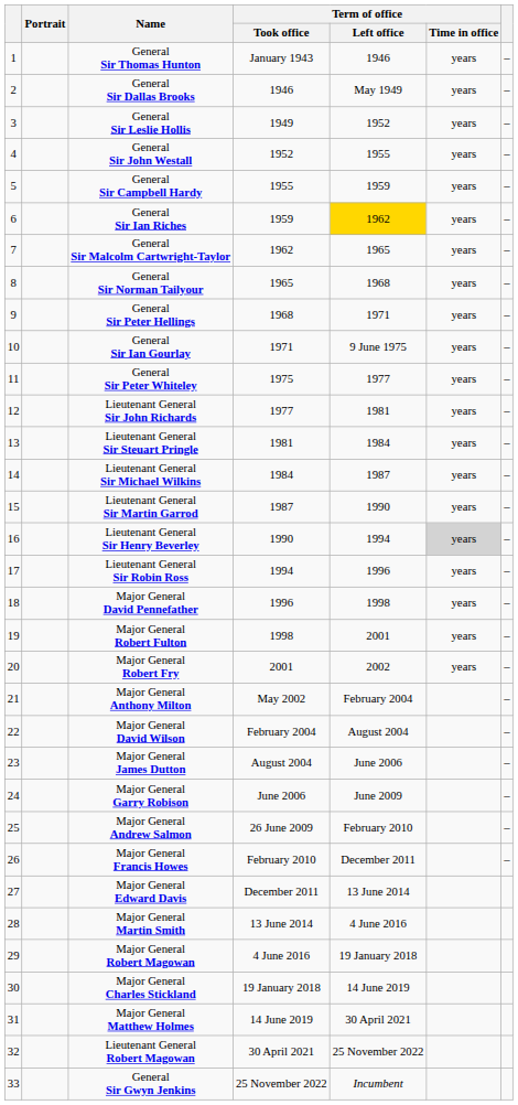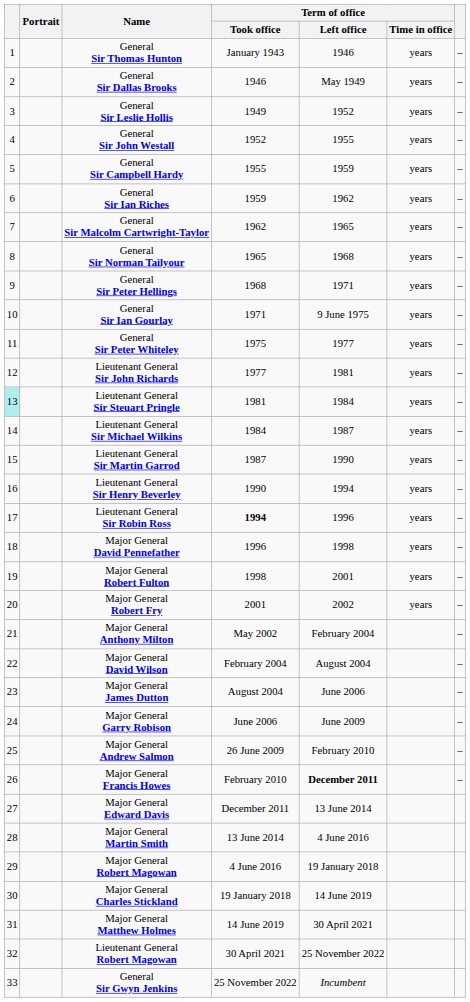 <table class="wikitable" style="text-align:center">
 <tr>
 <th rowspan=2></th>
 <th rowspan=2>Portrait</th>
 <th rowspan=2>Name<br></th>
 <th colspan=3>Term of office</th>
 <th rowspan=2></th>
 </tr>
 <tr>
 <th>Took office</th>
 <th>Left office</th>
 <th>Time in office</th>
 </tr>
 <tr>
 <td>1</td>
 <td></td>
 <td>General<br><strong><a href='#'>Sir Thomas Hunton</a></strong><br></td>
 <td>January 1943</td>
 <td>1946</td>
 <td> years</td>
 <td>–</td>
 </tr>
 <tr>
 <td>2</td>
 <td></td>
 <td>General<br><strong><a href='#'>Sir Dallas Brooks</a></strong><br></td>
 <td>1946</td>
 <td>May 1949</td>
 <td> years</td>
 <td>–</td>
 </tr>
 <tr>
 <td>3</td>
 <td></td>
 <td>General<br><strong><a href='#'>Sir Leslie Hollis</a></strong><br></td>
 <td>1949</td>
 <td>1952</td>
 <td> years</td>
 <td>–</td>
 </tr>
 <tr>
 <td>4</td>
 <td></td>
 <td>General<br><strong><a href='#'>Sir John Westall</a></strong><br></td>
 <td>1952</td>
 <td>1955</td>
 <td> years</td>
 <td>–</td>
 </tr>
 <tr>
 <td>5</td>
 <td></td>
 <td>General<br><strong><a href='#'>Sir Campbell Hardy</a></strong><br></td>
 <td>1955</td>
 <td>1959</td>
 <td> years</td>
 <td>–</td>
 </tr>
 <tr>
 <td>6</td>
 <td></td>
 <td>General<br><strong><a href='#'>Sir Ian Riches</a></strong><br></td>
 <td>1959</td>
-<td style="background: gold;">1962</td>
+<td>1962</td>
 <td> years</td>
 <td>–</td>
 </tr>
 <tr>
 <td>7</td>
 <td></td>
 <td>General<br><strong><a href='#'>Sir Malcolm Cartwright-Taylor</a></strong><br></td>
 <td>1962</td>
 <td>1965</td>
 <td> years</td>
 <td>–</td>
 </tr>
 <tr>
 <td>8</td>
 <td></td>
 <td>General<br><strong><a href='#'>Sir Norman Tailyour</a></strong><br></td>
 <td>1965</td>
 <td>1968</td>
 <td> years</td>
 <td>–</td>
 </tr>
 <tr>
 <td>9</td>
 <td></td>
 <td>General<br><strong><a href='#'>Sir Peter Hellings</a></strong><br></td>
 <td>1968</td>
 <td>1971</td>
 <td> years</td>
 <td>–</td>
 </tr>
 <tr>
 <td>10</td>
 <td></td>
 <td>General<br><strong><a href='#'>Sir Ian Gourlay</a></strong><br></td>
 <td>1971</td>
 <td>9 June 1975</td>
 <td> years</td>
 <td>–</td>
 </tr>
 <tr>
 <td>11</td>
 <td></td>
 <td>General<br><strong><a href='#'>Sir Peter Whiteley</a></strong><br></td>
 <td>1975</td>
 <td>1977</td>
 <td> years</td>
 <td>–</td>
 </tr>
 <tr>
 <td>12</td>
 <td></td>
 <td>Lieutenant General<br><strong><a href='#'>Sir John Richards</a></strong><br></td>
 <td>1977</td>
 <td>1981</td>
 <td> years</td>
 <td>–</td>
 </tr>
 <tr>
-<td>13</td>
+<td style="background: paleturquoise;">13</td>
 <td></td>
 <td>Lieutenant General<br><strong><a href='#'>Sir Steuart Pringle</a></strong><br></td>
 <td>1981</td>
 <td>1984</td>
 <td> years</td>
 <td>–</td>
 </tr>
 <tr>
 <td>14</td>
 <td></td>
 <td>Lieutenant General<br><strong><a href='#'>Sir Michael Wilkins</a></strong><br></td>
 <td>1984</td>
 <td>1987</td>
 <td> years</td>
 <td>–</td>
 </tr>
 <tr>
 <td>15</td>
 <td></td>
 <td>Lieutenant General<br><strong><a href='#'>Sir Martin Garrod</a></strong><br></td>
 <td>1987</td>
 <td>1990</td>
 <td> years</td>
 <td>–</td>
 </tr>
 <tr>
 <td>16</td>
 <td></td>
 <td>Lieutenant General<br><strong><a href='#'>Sir Henry Beverley</a></strong><br></td>
 <td>1990</td>
 <td>1994</td>
-<td style="background: lightgrey;"> years</td>
+<td> years</td>
 <td>–</td>
 </tr>
 <tr>
 <td>17</td>
 <td></td>
 <td>Lieutenant General<br><strong><a href='#'>Sir Robin Ross</a></strong><br></td>
-<td>1994</td>
+<td><strong>1994</strong></td>
 <td>1996</td>
 <td> years</td>
 <td>–</td>
 </tr>
 <tr>
 <td>18</td>
 <td></td>
 <td>Major General<br><strong><a href='#'>David Pennefather</a></strong><br></td>
 <td>1996</td>
 <td>1998</td>
 <td> years</td>
 <td>–</td>
 </tr>
 <tr>
 <td>19</td>
 <td></td>
 <td>Major General<br><strong><a href='#'>Robert Fulton</a></strong><br></td>
 <td>1998</td>
 <td>2001</td>
 <td> years</td>
 <td>–</td>
 </tr>
 <tr>
 <td>20</td>
 <td></td>
 <td>Major General<br><strong><a href='#'>Robert Fry</a></strong><br></td>
 <td>2001</td>
 <td>2002</td>
 <td> years</td>
 <td>–</td>
 </tr>
 <tr>
 <td>21</td>
 <td></td>
 <td>Major General<br> <strong><a href='#'>Anthony Milton</a></strong><br></td>
 <td>May 2002</td>
 <td>February 2004</td>
 <td></td>
 <td>–</td>
 </tr>
 <tr>
 <td>22</td>
 <td></td>
 <td>Major General<br><strong><a href='#'>David Wilson</a></strong><br></td>
 <td>February 2004</td>
 <td>August 2004</td>
 <td></td>
 <td>–</td>
 </tr>
 <tr>
 <td>23</td>
 <td></td>
 <td>Major General<br><strong><a href='#'>James Dutton</a></strong><br></td>
 <td>August 2004</td>
 <td>June 2006</td>
 <td></td>
 <td>–</td>
 </tr>
 <tr>
 <td>24</td>
 <td></td>
 <td>Major General<br><strong><a href='#'>Garry Robison</a></strong><br></td>
 <td>June 2006</td>
 <td>June 2009</td>
 <td></td>
 <td>–</td>
 </tr>
 <tr>
 <td>25</td>
 <td></td>
 <td>Major General<br><strong><a href='#'>Andrew Salmon</a></strong><br></td>
 <td>26 June 2009</td>
 <td>February 2010</td>
 <td></td>
 <td>–</td>
 </tr>
 <tr>
 <td>26</td>
 <td></td>
 <td>Major General<br> <strong><a href='#'>Francis Howes</a></strong><br></td>
 <td>February 2010</td>
-<td>December 2011</td>
+<td><strong>December 2011</strong></td>
 <td></td>
 <td>–</td>
 </tr>
 <tr>
 <td>27</td>
 <td></td>
 <td>Major General<br><strong><a href='#'>Edward Davis</a></strong><br></td>
 <td>December 2011</td>
 <td>13 June 2014</td>
 <td></td>
 <td></td>
 </tr>
 <tr>
 <td>28</td>
 <td></td>
 <td>Major General<br><strong><a href='#'>Martin Smith</a></strong><br></td>
 <td>13 June 2014</td>
 <td>4 June 2016</td>
 <td></td>
 <td></td>
 </tr>
 <tr>
 <td>29</td>
 <td></td>
 <td>Major General<br><strong><a href='#'>Robert Magowan</a></strong><br></td>
 <td>4 June 2016</td>
 <td>19 January 2018</td>
 <td></td>
 <td></td>
 </tr>
 <tr>
 <td>30</td>
 <td></td>
 <td>Major General<br><strong><a href='#'>Charles Stickland</a></strong><br></td>
 <td>19 January 2018</td>
 <td>14 June 2019</td>
 <td></td>
 <td></td>
 </tr>
 <tr>
 <td>31</td>
 <td></td>
 <td>Major General<br><strong><a href='#'>Matthew Holmes</a></strong><br></td>
 <td>14 June 2019</td>
 <td>30 April 2021</td>
 <td></td>
 <td></td>
 </tr>
 <tr>
 <td>32</td>
 <td></td>
 <td>Lieutenant General<br><strong><a href='#'>Robert Magowan</a></strong><br></td>
 <td>30 April 2021</td>
 <td>25 November 2022</td>
 <td></td>
 <td></td>
 </tr>
 <tr>
 <td>33</td>
 <td></td>
 <td>General<br><strong><a href='#'>Sir Gwyn Jenkins</a></strong></td>
 <td>25 November 2022</td>
 <td><em>Incumbent</em></td>
 <td></td>
 <td></td>
 </tr>
 </table>
